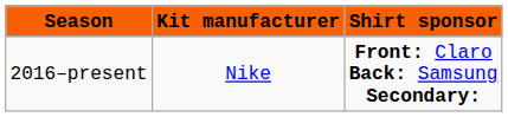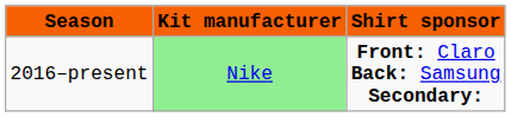 <table class="wikitable" style="text-align: center">
 <tr>
 <td bgcolor=#F86103><span><strong>Season</strong></span></td>
 <td bgcolor=#F86103><span><strong>Kit manufacturer</strong></span></td>
 <td bgcolor=#F86103><span><strong>Shirt sponsor</strong></span></td>
 </tr>
 <tr>
 <td>2016–present</td>
-<td><a href='#'>Nike</a></td>
+<td style="background: lightgreen;"><a href='#'>Nike</a></td>
 <td><strong>Front:</strong> <a href='#'>Claro</a><br><strong>Back:</strong> <a href='#'>Samsung</a><br><strong>Secondary:</strong></td>
 </tr>
 </table>
